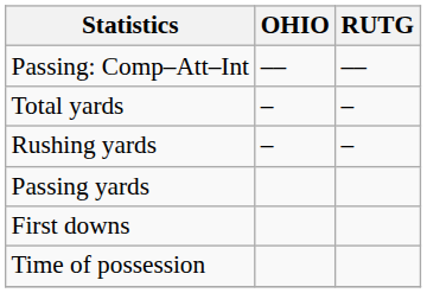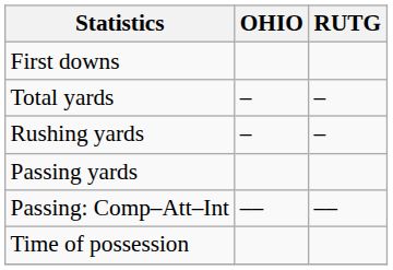 <table class="wikitable" style="float: left;">
 <tr>
 <th>Statistics</th>
 <th>OHIO</th>
 <th>RUTG</th>
 </tr>
 <tr>
-<td>Passing: Comp–Att–Int</td>
-<td>––</td>
-<td>––</td>
+<td>First downs</td>
+<td></td>
+<td></td>
 </tr>
 <tr>
 <td>Total yards</td>
 <td>–</td>
 <td>–</td>
 </tr>
 <tr>
 <td>Rushing yards</td>
 <td>–</td>
 <td>–</td>
 </tr>
 <tr>
 <td>Passing yards</td>
 <td></td>
 <td></td>
 </tr>
 <tr>
-<td>First downs</td>
-<td></td>
-<td></td>
+<td>Passing: Comp–Att–Int</td>
+<td>––</td>
+<td>––</td>
 </tr>
 <tr>
 <td>Time of possession</td>
 <td></td>
 <td></td>
 </tr>
 <tr>
 </tr>
 </table>
